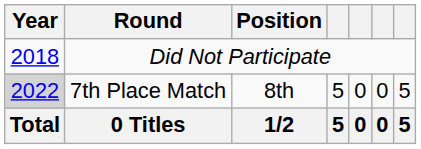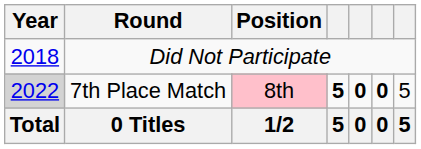 <table class="wikitable" style="text-align: center;">
 <tr>
 <th>Year</th>
 <th>Round</th>
 <th>Position</th>
 <th></th>
 <th></th>
 <th></th>
 <th></th>
 </tr>
 <tr>
 <td> <a href='#'>2018</a></td>
 <td colspan="6"><em>Did Not Participate</em></td>
 </tr>
 <tr>
 <td style="background: lightgrey;"> <a href='#'>2022</a></td>
 <td>7th Place Match</td>
-<td>8th</td>
-<td>5</td>
-<td>0</td>
-<td>0</td>
+<td style="background: pink;">8th</td>
+<td><strong>5</strong></td>
+<td><strong>0</strong></td>
+<td><strong>0</strong></td>
 <td>5</td>
 </tr>
 <tr>
 <th>Total</th>
 <th>0 Titles</th>
 <th>1/2</th>
 <th>5</th>
 <th>0</th>
 <th>0</th>
 <th>5</th>
 </tr>
 </table>
